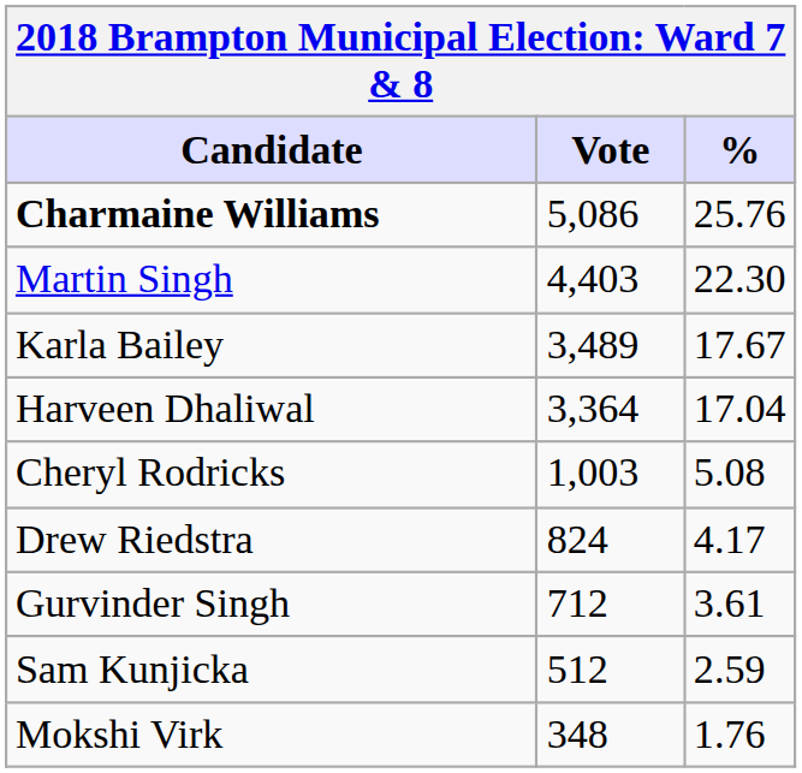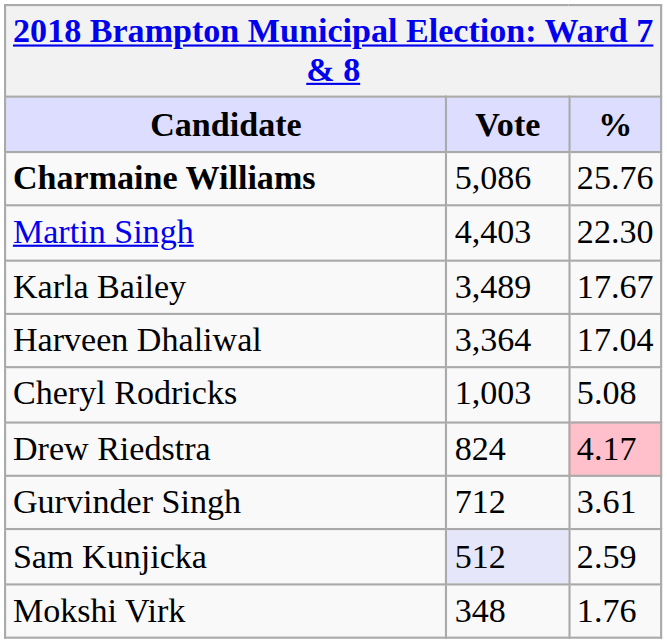 <table class="wikitable">
 <tr>
 <th colspan="3"><a href='#'>2018 Brampton Municipal Election: Ward 7 & 8</a></th>
 </tr>
 <tr>
 <th style="background:#ddf; width:200px;">Candidate</th>
 <th style="background:#ddf; width:50px;">Vote</th>
 <th style="background:#ddf; width:30px;">%</th>
 </tr>
 <tr>
 <td><strong>Charmaine Williams</strong></td>
 <td>5,086</td>
 <td>25.76</td>
 </tr>
 <tr>
 <td><a href='#'>Martin Singh</a></td>
 <td>4,403</td>
 <td>22.30</td>
 </tr>
 <tr>
 <td>Karla Bailey</td>
 <td>3,489</td>
 <td>17.67</td>
 </tr>
 <tr>
 <td>Harveen Dhaliwal</td>
 <td>3,364</td>
 <td>17.04</td>
 </tr>
 <tr>
 <td>Cheryl Rodricks</td>
 <td>1,003</td>
 <td>5.08</td>
 </tr>
 <tr>
 <td>Drew Riedstra</td>
 <td>824</td>
-<td>4.17</td>
+<td style="background: pink;">4.17</td>
 </tr>
 <tr>
 <td>Gurvinder Singh</td>
 <td>712</td>
 <td>3.61</td>
 </tr>
 <tr>
 <td>Sam Kunjicka</td>
-<td>512</td>
+<td style="background: lavender;">512</td>
 <td>2.59</td>
 </tr>
 <tr>
 <td>Mokshi Virk</td>
 <td>348</td>
 <td>1.76</td>
 </tr>
 </table>
